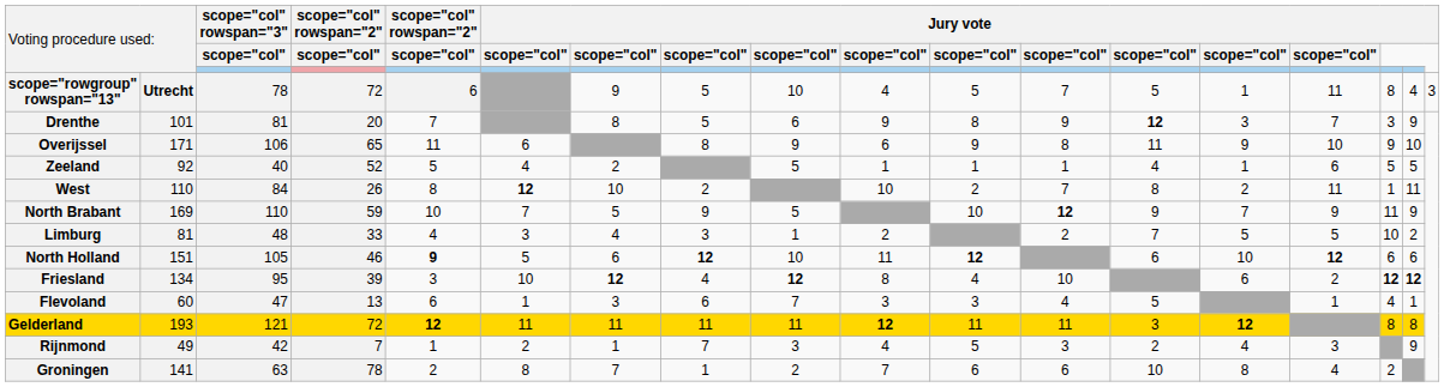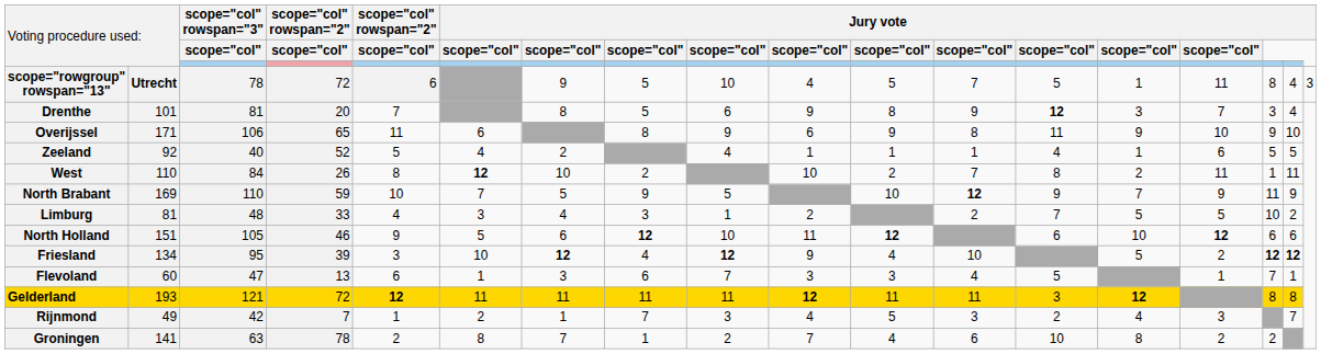 <table class="wikitable plainrowheaders" style="text-align: center;">
 <tr>
 <td colspan="2" rowspan="3" style="text-align: left; background: #F2F2F2;">Voting procedure used:<br></td>
 <th>scope="col" rowspan="3" </th>
 <th>scope="col" rowspan="2" </th>
 <th>scope="col" rowspan="2" </th>
 <th scope="colgroup" colspan="13">Jury vote</th>
 </tr>
 <tr>
 <th>scope="col" </th>
 <th>scope="col" </th>
 <th>scope="col" </th>
 <th>scope="col" </th>
 <th>scope="col" </th>
 <th>scope="col" </th>
 <th>scope="col" </th>
 <th>scope="col" </th>
 <th>scope="col" </th>
 <th>scope="col" </th>
 <th>scope="col" </th>
 <th>scope="col" </th>
 <th>scope="col" </th>
 </tr>
 <tr>
 <td style="background: #A4D1EF;"></td>
 <td style="background: #EFA4A9;"></td>
 <td style="background: #A4D1EF;"></td>
 <td style="background: #A4D1EF;"></td>
 <td style="background: #A4D1EF;"></td>
 <td style="background: #A4D1EF;"></td>
 <td style="background: #A4D1EF;"></td>
 <td style="background: #A4D1EF;"></td>
 <td style="background: #A4D1EF;"></td>
 <td style="background: #A4D1EF;"></td>
 <td style="background: #A4D1EF;"></td>
 <td style="background: #A4D1EF;"></td>
 <td style="background: #A4D1EF;"></td>
 <td style="background: #A4D1EF;"></td>
 <td style="background: #A4D1EF;"></td>
 </tr>
 <tr>
 <th>scope="rowgroup" rowspan="13" </th>
 <th scope="row" style="background: #f2f2f2;">Utrecht</th>
 <td style="text-align: right; background: #f2f2f2;">78</td>
 <td style="text-align: right; background: #f2f2f2;">72</td>
 <td style="text-align: right; background: #f2f2f2;">6</td>
 <td style="background: #aaa;"></td>
 <td>9</td>
 <td>5</td>
 <td>10</td>
 <td>4</td>
 <td>5</td>
 <td>7</td>
 <td>5</td>
 <td>1</td>
 <td>11</td>
 <td>8</td>
 <td>4</td>
 <td>3</td>
 </tr>
 <tr>
 <th scope="row" style="background: #f2f2f2;">Drenthe</th>
 <td style="text-align: right; background: #f2f2f2;">101</td>
 <td style="text-align: right; background: #f2f2f2;">81</td>
 <td style="text-align: right; background: #f2f2f2;">20</td>
 <td>7</td>
 <td style="background: #aaa;"></td>
 <td>8</td>
 <td>5</td>
 <td>6</td>
 <td>9</td>
 <td>8</td>
 <td>9</td>
 <td><strong>12</strong></td>
 <td>3</td>
 <td>7</td>
 <td>3</td>
-<td>9</td>
+<td>4</td>
 </tr>
 <tr>
 <th scope="row" style="background: #f2f2f2;">Overijssel</th>
 <td style="text-align: right; background: #f2f2f2;">171</td>
 <td style="text-align: right; background: #f2f2f2;">106</td>
 <td style="text-align: right; background: #f2f2f2;">65</td>
 <td>11</td>
 <td>6</td>
 <td style="background: #aaa;"></td>
 <td>8</td>
 <td>9</td>
 <td>6</td>
 <td>9</td>
 <td>8</td>
 <td>11</td>
 <td>9</td>
 <td>10</td>
 <td>9</td>
 <td>10</td>
 </tr>
 <tr>
 <th scope="row" style="background: #f2f2f2;">Zeeland</th>
 <td style="text-align: right; background: #f2f2f2;">92</td>
 <td style="text-align: right; background: #f2f2f2;">40</td>
 <td style="text-align: right; background: #f2f2f2;">52</td>
 <td>5</td>
 <td>4</td>
 <td>2</td>
 <td style="background: #aaa;"></td>
-<td>5</td>
+<td>4</td>
 <td>1</td>
 <td>1</td>
 <td>1</td>
 <td>4</td>
 <td>1</td>
 <td>6</td>
 <td>5</td>
 <td>5</td>
 </tr>
 <tr>
 <th scope="row" style="background: #f2f2f2;">West</th>
 <td style="text-align: right; background: #f2f2f2;">110</td>
 <td style="text-align: right; background: #f2f2f2;">84</td>
 <td style="text-align: right; background: #f2f2f2;">26</td>
 <td>8</td>
 <td><strong>12</strong></td>
 <td>10</td>
 <td>2</td>
 <td style="background: #aaa;"></td>
 <td>10</td>
 <td>2</td>
 <td>7</td>
 <td>8</td>
 <td>2</td>
 <td>11</td>
 <td>1</td>
 <td>11</td>
 </tr>
 <tr>
 <th scope="row" style="background: #f2f2f2;">North Brabant</th>
 <td style="text-align: right; background: #f2f2f2;">169</td>
 <td style="text-align: right; background: #f2f2f2;">110</td>
 <td style="text-align: right; background: #f2f2f2;">59</td>
 <td>10</td>
 <td>7</td>
 <td>5</td>
 <td>9</td>
 <td>5</td>
 <td style="background: #aaa;"></td>
 <td>10</td>
 <td><strong>12</strong></td>
 <td>9</td>
 <td>7</td>
 <td>9</td>
 <td>11</td>
 <td>9</td>
 </tr>
 <tr>
 <th scope="row" style="background: #f2f2f2;">Limburg</th>
 <td style="text-align: right; background: #f2f2f2;">81</td>
 <td style="text-align: right; background: #f2f2f2;">48</td>
 <td style="text-align: right; background: #f2f2f2;">33</td>
 <td>4</td>
 <td>3</td>
 <td>4</td>
 <td>3</td>
 <td>1</td>
 <td>2</td>
 <td style="background: #aaa;"></td>
 <td>2</td>
 <td>7</td>
 <td>5</td>
 <td>5</td>
 <td>10</td>
 <td>2</td>
 </tr>
 <tr>
 <th scope="row" style="background: #f2f2f2;">North Holland</th>
 <td style="text-align: right; background: #f2f2f2;">151</td>
 <td style="text-align: right; background: #f2f2f2;">105</td>
 <td style="text-align: right; background: #f2f2f2;">46</td>
-<td><strong>9</strong></td>
+<td>9</td>
 <td>5</td>
 <td>6</td>
 <td><strong>12</strong></td>
 <td>10</td>
 <td>11</td>
 <td><strong>12</strong></td>
 <td style="background: #aaa;"></td>
 <td>6</td>
 <td>10</td>
 <td><strong>12</strong></td>
 <td>6</td>
 <td>6</td>
 </tr>
 <tr>
 <th scope="row" style="background: #f2f2f2;">Friesland</th>
 <td style="text-align: right; background: #f2f2f2;">134</td>
 <td style="text-align: right; background: #f2f2f2;">95</td>
 <td style="text-align: right; background: #f2f2f2;">39</td>
 <td>3</td>
 <td>10</td>
 <td><strong>12</strong></td>
 <td>4</td>
 <td><strong>12</strong></td>
-<td>8</td>
+<td>9</td>
 <td>4</td>
 <td>10</td>
 <td style="background: #aaa;"></td>
-<td>6</td>
+<td>5</td>
 <td>2</td>
 <td><strong>12</strong></td>
 <td><strong>12</strong></td>
 </tr>
 <tr>
 <th scope="row" style="background: #f2f2f2;">Flevoland</th>
 <td style="text-align: right; background: #f2f2f2;">60</td>
 <td style="text-align: right; background: #f2f2f2;">47</td>
 <td style="text-align: right; background: #f2f2f2;">13</td>
 <td>6</td>
 <td>1</td>
 <td>3</td>
 <td>6</td>
 <td>7</td>
 <td>3</td>
 <td>3</td>
 <td>4</td>
 <td>5</td>
 <td style="background: #aaa;"></td>
 <td>1</td>
-<td>4</td>
+<td>7</td>
 <td>1</td>
 </tr>
 <tr style="background: gold;">
 <th scope="row" style="text-align: left; font-weight: bold; background: gold;">Gelderland</th>
 <td style="text-align: right;">193</td>
 <td style="text-align: right;">121</td>
 <td style="text-align: right;">72</td>
 <td><strong>12</strong></td>
 <td>11</td>
 <td>11</td>
 <td>11</td>
 <td>11</td>
 <td><strong>12</strong></td>
 <td>11</td>
 <td>11</td>
 <td>3</td>
 <td><strong>12</strong></td>
 <td style="background: #aaa;"></td>
 <td>8</td>
 <td>8</td>
 </tr>
 <tr>
 <th scope="row" style="background: #f2f2f2;">Rijnmond</th>
 <td style="text-align: right; background: #f2f2f2;">49</td>
 <td style="text-align: right; background: #f2f2f2;">42</td>
 <td style="text-align: right; background: #f2f2f2;">7</td>
 <td>1</td>
 <td>2</td>
 <td>1</td>
 <td>7</td>
 <td>3</td>
 <td>4</td>
 <td>5</td>
 <td>3</td>
 <td>2</td>
 <td>4</td>
 <td>3</td>
 <td style="background: #aaa;"></td>
-<td>9</td>
+<td>7</td>
 </tr>
 <tr>
 <th scope="row" style="background: #f2f2f2;">Groningen</th>
 <td style="text-align: right; background: #f2f2f2;">141</td>
 <td style="text-align: right; background: #f2f2f2;">63</td>
 <td style="text-align: right; background: #f2f2f2;">78</td>
 <td>2</td>
 <td>8</td>
 <td>7</td>
 <td>1</td>
 <td>2</td>
 <td>7</td>
-<td>6</td>
+<td>4</td>
 <td>6</td>
 <td>10</td>
 <td>8</td>
-<td>4</td>
+<td>2</td>
 <td>2</td>
 <td style="background: #aaa;"></td>
 </tr>
 </table>
